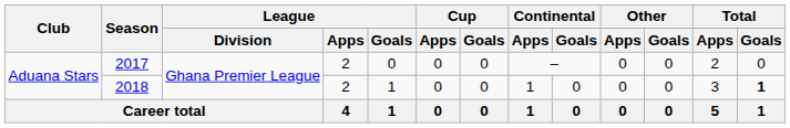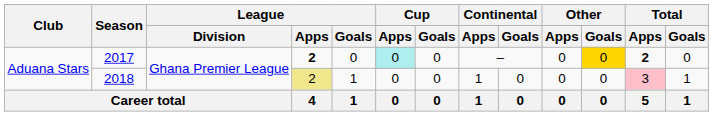 <table class="wikitable" style="text-align: center">
 <tr>
 <th rowspan="2">Club</th>
 <th rowspan="2">Season</th>
 <th colspan="3">League</th>
 <th colspan="2">Cup</th>
 <th colspan="2">Continental</th>
 <th colspan="2">Other</th>
 <th colspan="2">Total</th>
 </tr>
 <tr>
 <th>Division</th>
 <th>Apps</th>
 <th>Goals</th>
 <th>Apps</th>
 <th>Goals</th>
 <th>Apps</th>
 <th>Goals</th>
 <th>Apps</th>
 <th>Goals</th>
 <th>Apps</th>
 <th>Goals</th>
 </tr>
 <tr>
 <td rowspan="2"><a href='#'>Aduana Stars</a></td>
 <td><a href='#'>2017</a></td>
 <td rowspan="2"><a href='#'>Ghana Premier League</a></td>
-<td>2</td>
+<td><strong>2</strong></td>
 <td>0</td>
-<td>0</td>
+<td style="background: paleturquoise;">0</td>
 <td>0</td>
 <td colspan="2">–</td>
 <td>0</td>
-<td>0</td>
-<td>2</td>
+<td style="background: gold;">0</td>
+<td><strong>2</strong></td>
 <td>0</td>
 </tr>
 <tr>
 <td><a href='#'>2018</a></td>
-<td>2</td>
+<td style="background: khaki;">2</td>
 <td>1</td>
 <td>0</td>
 <td>0</td>
 <td>1</td>
 <td>0</td>
 <td>0</td>
 <td>0</td>
-<td>3</td>
-<td><strong>1</strong></td>
+<td style="background: pink;">3</td>
+<td>1</td>
 </tr>
 <tr>
 <th colspan="3"><strong>Career total</strong></th>
 <th>4</th>
 <th>1</th>
 <th>0</th>
 <th>0</th>
 <th>1</th>
 <th>0</th>
 <th>0</th>
 <th>0</th>
 <th>5</th>
 <th>1</th>
 </tr>
 </table>
